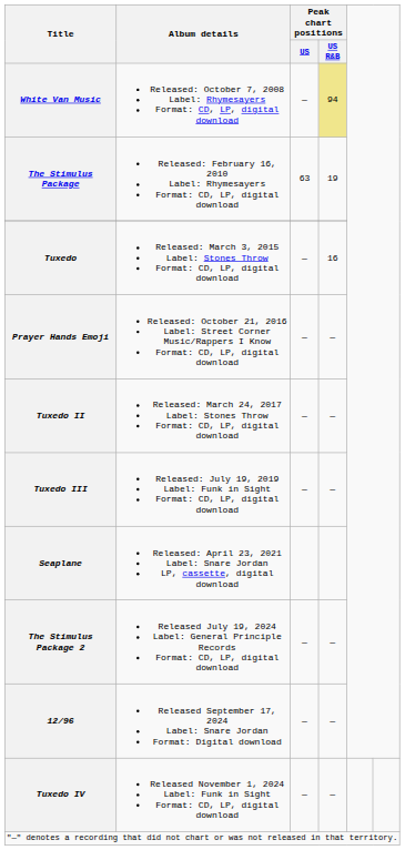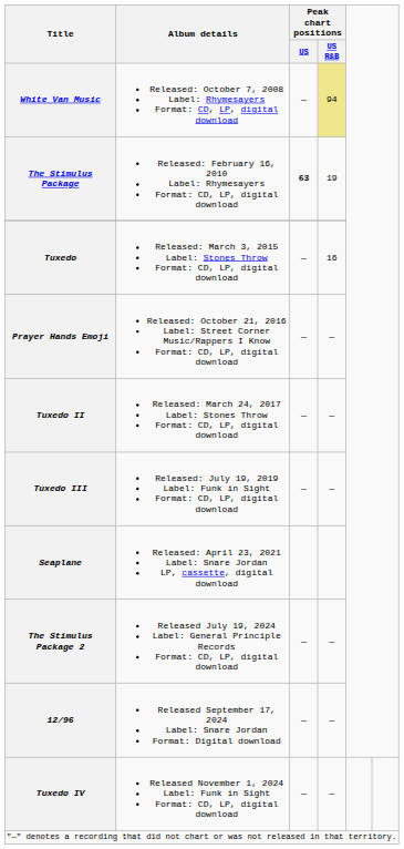 <table class="wikitable plainrowheaders" style="text-align:center;">
 <tr>
 <th scope="col" rowspan="2" style="width:12em;">Title</th>
 <th scope="col" rowspan="2" style="width:19em;">Album details</th>
 <th scope="col" colspan="2">Peak chart positions</th>
 </tr>
 <tr>
 <th scope="col" style="width:3em;font-size:90%;"><a href='#'>US</a><br></th>
 <th scope="col" style="width:3em;font-size:90%;"><a href='#'>US<br>R&B</a><br></th>
 </tr>
 <tr>
 <th scope="row"><em><a href='#'>White Van Music</a></em></th>
 <td><br><ul><li>Released: October 7, 2008</li><li>Label: <a href='#'>Rhymesayers</a></li><li>Format: <a href='#'>CD</a>, <a href='#'>LP</a>, <a href='#'>digital download</a></li></ul></td>
 <td>—</td>
 <td style="background: khaki;">94</td>
 </tr>
 <tr>
 <th scope="row"><em><a href='#'>The Stimulus Package</a></em><br></th>
 <td><br><ul><li>Released: February 16, 2010</li><li>Label: Rhymesayers</li><li>Format: CD, LP, digital download</li></ul></td>
-<td>63</td>
+<td><strong>63</strong></td>
 <td>19</td>
 </tr>
 <tr>
 </tr>
 <tr>
 <th scope="row"><em>Tuxedo</em><br></th>
 <td><br><ul><li>Released: March 3, 2015</li><li>Label: <a href='#'>Stones Throw</a></li><li>Format: CD, LP, digital download</li></ul></td>
 <td>—</td>
 <td>16</td>
 </tr>
 <tr>
 <th scope="row"><em>Prayer Hands Emoji</em></th>
 <td><br><ul><li>Released: October 21, 2016</li><li>Label: Street Corner Music/Rappers I Know</li><li>Format: CD, LP, digital download</li></ul></td>
 <td>—</td>
 <td>—</td>
 </tr>
 <tr>
 <th scope="row"><em>Tuxedo II</em><br></th>
 <td><br><ul><li>Released: March 24, 2017</li><li>Label: Stones Throw</li><li>Format: CD, LP, digital download</li></ul></td>
 <td>—</td>
 <td>—</td>
 </tr>
 <tr>
 <th scope="row"><em>Tuxedo III</em><br></th>
 <td><br><ul><li>Released: July 19, 2019</li><li>Label: Funk in Sight</li><li>Format: CD, LP, digital download</li></ul></td>
 <td>—</td>
 <td>—</td>
 </tr>
 <tr>
 <th scope="row"><em>Seaplane</em></th>
 <td><br><ul><li>Released: April 23, 2021</li><li>Label: Snare Jordan</li><li>LP, <a href='#'>cassette</a>, digital download</li></ul></td>
 <td></td>
 <td></td>
 </tr>
 <tr>
 <th scope="row"><em>The Stimulus Package 2</em><br></th>
 <td><br><ul><li>Released July 19, 2024</li><li>Label: General Principle Records</li><li>Format: CD, LP, digital download</li></ul></td>
 <td>—</td>
 <td>—</td>
 </tr>
 <tr>
 <th scope="row"><em>12/96</em></th>
 <td><br><ul><li>Released September 17, 2024</li><li>Label: Snare Jordan</li><li>Format: Digital download</li></ul></td>
 <td>—</td>
 <td>—</td>
 </tr>
 <tr>
 <th scope="row"><em>Tuxedo IV</em><br></th>
 <td><br><ul><li>Released November 1, 2024</li><li>Label: Funk in Sight</li><li>Format: CD, LP, digital download</li></ul></td>
 <td>—</td>
 <td>—</td>
 <td></td>
 <td></td>
 </tr>
 <tr>
 <td colspan="14" style="font-size:90%">"—" denotes a recording that did not chart or was not released in that territory.</td>
 </tr>
 </table>
